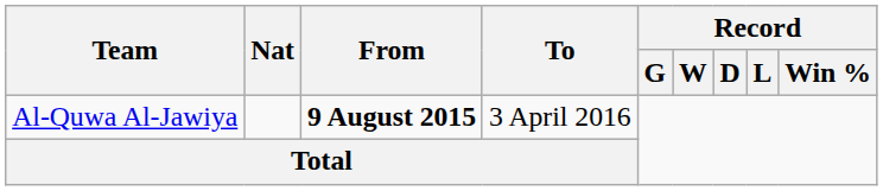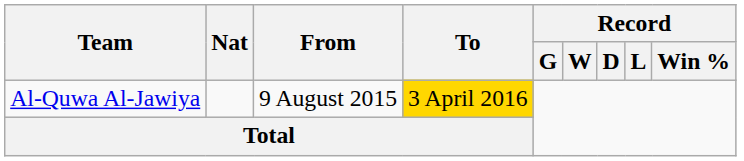 <table class="wikitable" style="text-align: center">
 <tr>
 <th rowspan="2">Team</th>
 <th rowspan="2">Nat</th>
 <th rowspan="2">From</th>
 <th rowspan="2">To</th>
 <th colspan="5">Record</th>
 </tr>
 <tr>
 <th>G</th>
 <th>W</th>
 <th>D</th>
 <th>L</th>
 <th>Win %</th>
 </tr>
 <tr>
 <td align=left><a href='#'>Al-Quwa Al-Jawiya</a></td>
 <td></td>
-<td align=left><strong>9 August 2015</strong></td>
-<td align=left>3 April 2016<br></td>
+<td align=left>9 August 2015</td>
+<td align=left style="background: gold;">3 April 2016<br></td>
 </tr>
 <tr>
 <th colspan="4" align="center" valign=middle>Total<br></th>
 </tr>
 </table>
